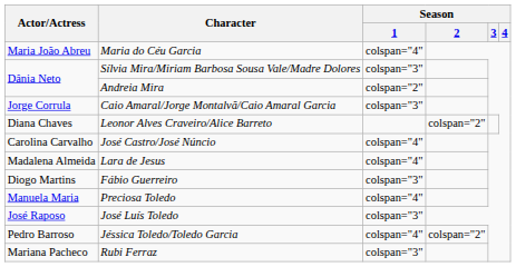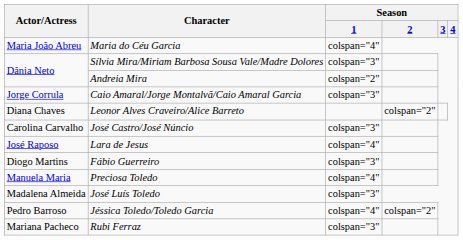 <table class="wikitable sortable">
 <tr>
 <th rowspan="2">Actor/Actress</th>
 <th rowspan="2">Character</th>
 <th colspan="4">Season</th>
 </tr>
 <tr>
 <th><a href='#'>1</a></th>
 <th><a href='#'>2</a></th>
 <th><a href='#'>3</a></th>
 <th><a href='#'>4</a></th>
 </tr>
 <tr>
 <td><a href='#'>Maria João Abreu</a></td>
 <td><em>Maria do Céu Garcia</em></td>
 <td>colspan="4" </td>
 </tr>
 <tr>
 <td rowspan="2"><a href='#'>Dânia Neto</a></td>
 <td><em>Sílvia Mira/Miriam Barbosa Sousa Vale/Madre Dolores</em></td>
 <td>colspan="3" </td>
 <td></td>
 </tr>
 <tr>
 <td><em>Andreia Mira</em></td>
 <td>colspan="2" </td>
 <td></td>
 </tr>
 <tr>
 <td><a href='#'>Jorge Corrula</a></td>
 <td><em>Caio Amaral/Jorge Montalvã/Caio Amaral Garcia</em></td>
 <td>colspan="3" </td>
 <td></td>
 </tr>
 <tr>
 <td>Diana Chaves</td>
 <td><em>Leonor Alves Craveiro/Alice Barreto</em></td>
 <td></td>
 <td>colspan="2" </td>
 <td></td>
 </tr>
 <tr>
 <td>Carolina Carvalho</td>
 <td><em>José Castro/José Núncio</em></td>
-<td>colspan="4" </td>
+<td>colspan="3" </td>
 <td></td>
 </tr>
 <tr>
-<td>Madalena Almeida</td>
+<td><a href='#'>José Raposo</a></td>
 <td><em>Lara de Jesus</em></td>
 <td>colspan="4" </td>
 <td></td>
 </tr>
 <tr>
 <td>Diogo Martins</td>
 <td><em>Fábio Guerreiro</em></td>
 <td>colspan="3" </td>
 <td></td>
 </tr>
 <tr>
 <td><a href='#'>Manuela Maria</a></td>
 <td><em>Preciosa Toledo</em></td>
 <td>colspan="4" </td>
 <td></td>
 </tr>
 <tr>
-<td><a href='#'>José Raposo</a></td>
+<td>Madalena Almeida</td>
 <td><em>José Luís Toledo</em></td>
 <td>colspan="3" </td>
 </tr>
 <tr>
 <td>Pedro Barroso</td>
 <td><em>Jéssica Toledo/Toledo Garcia</em></td>
 <td>colspan="4" </td>
 <td>colspan="2" </td>
 </tr>
 <tr>
 <td>Mariana Pacheco</td>
 <td><em>Rubi Ferraz</em></td>
 <td>colspan="3" </td>
 <td></td>
 </tr>
 </table>
